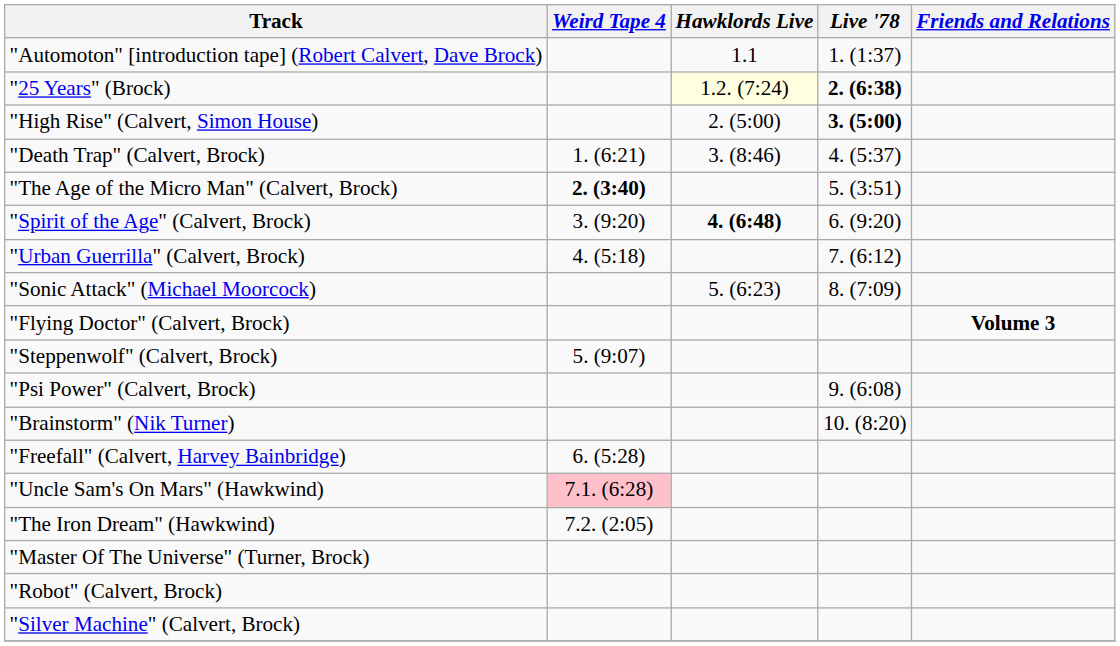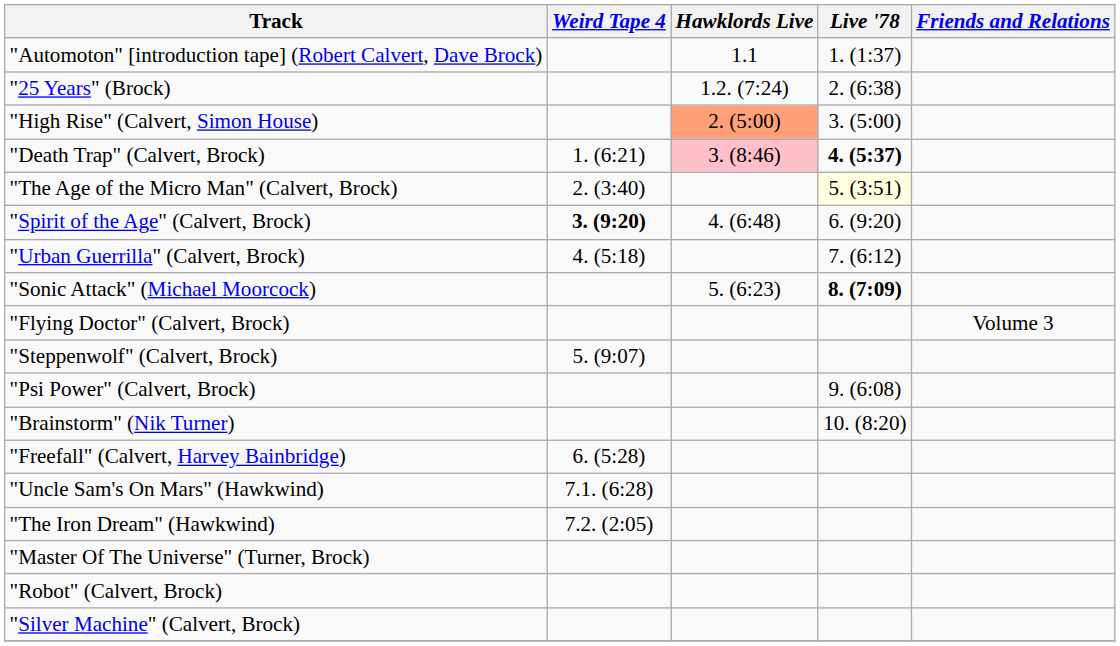 <table class="wikitable">
 <tr>
 <th align="center">Track</th>
 <th align="center"><em><a href='#'>Weird Tape 4</a></em></th>
 <th align="center"><em>Hawklords Live</em></th>
 <th align="center"><em>Live '78</em></th>
 <th align="center"><em><a href='#'>Friends and Relations</a></em></th>
 </tr>
 <tr>
 <td>"Automoton" [introduction tape] (<a href='#'>Robert Calvert</a>, <a href='#'>Dave Brock</a>)</td>
 <td></td>
 <td align="center">1.1</td>
 <td align="center">1. (1:37)</td>
 <td></td>
 </tr>
 <tr>
 <td>"<a href='#'>25 Years</a>" (Brock)</td>
 <td></td>
-<td align="center" style="background: lightyellow;">1.2. (7:24)</td>
-<td align="center"><strong>2. (6:38)</strong></td>
+<td align="center">1.2. (7:24)</td>
+<td align="center">2. (6:38)</td>
 <td></td>
 </tr>
 <tr>
 <td>"High Rise" (Calvert, <a href='#'>Simon House</a>)</td>
 <td></td>
-<td align="center">2. (5:00)</td>
-<td align="center"><strong>3. (5:00)</strong></td>
+<td align="center" style="background: lightsalmon;">2. (5:00)</td>
+<td align="center">3. (5:00)</td>
 <td></td>
 </tr>
 <tr>
 <td>"Death Trap" (Calvert, Brock)</td>
 <td align="center">1. (6:21)</td>
-<td align="center">3. (8:46)</td>
-<td align="center">4. (5:37)</td>
+<td align="center" style="background: pink;">3. (8:46)</td>
+<td align="center"><strong>4. (5:37)</strong></td>
 <td></td>
 </tr>
 <tr>
 <td>"The Age of the Micro Man" (Calvert, Brock)</td>
-<td align="center"><strong>2. (3:40)</strong></td>
+<td align="center">2. (3:40)</td>
 <td></td>
-<td align="center">5. (3:51)</td>
+<td align="center" style="background: lightyellow;">5. (3:51)</td>
 <td></td>
 </tr>
 <tr>
 <td>"<a href='#'>Spirit of the Age</a>" (Calvert, Brock)</td>
-<td align="center">3. (9:20)</td>
-<td align="center"><strong>4. (6:48)</strong></td>
+<td align="center"><strong>3. (9:20)</strong></td>
+<td align="center">4. (6:48)</td>
 <td align="center">6. (9:20)</td>
 <td></td>
 </tr>
 <tr>
 <td>"<a href='#'>Urban Guerrilla</a>" (Calvert, Brock)</td>
 <td align="center">4. (5:18)</td>
 <td></td>
 <td align="center">7. (6:12)</td>
 <td></td>
 </tr>
 <tr>
 <td>"Sonic Attack" (<a href='#'>Michael Moorcock</a>)</td>
 <td></td>
 <td align="center">5. (6:23)</td>
-<td align="center">8. (7:09)</td>
+<td align="center"><strong>8. (7:09)</strong></td>
 <td></td>
 </tr>
 <tr>
 <td>"Flying Doctor" (Calvert, Brock)</td>
 <td></td>
 <td></td>
 <td></td>
-<td align="center"><strong>Volume 3</strong></td>
+<td align="center">Volume 3</td>
 </tr>
 <tr>
 <td>"Steppenwolf" (Calvert, Brock)</td>
 <td align="center">5. (9:07)</td>
 <td></td>
 <td></td>
 <td></td>
 </tr>
 <tr>
 <td>"Psi Power" (Calvert, Brock)</td>
 <td></td>
 <td></td>
 <td align="center">9. (6:08)</td>
 <td></td>
 </tr>
 <tr>
 <td>"Brainstorm" (<a href='#'>Nik Turner</a>)</td>
 <td></td>
 <td></td>
 <td align="center">10. (8:20)</td>
 <td></td>
 </tr>
 <tr>
 <td>"Freefall"  (Calvert, <a href='#'>Harvey Bainbridge</a>)</td>
 <td align="center">6. (5:28)</td>
 <td></td>
 <td></td>
 <td></td>
 </tr>
 <tr>
 <td>"Uncle Sam's On Mars" (Hawkwind)</td>
-<td align="center" style="background: pink;">7.1. (6:28)</td>
+<td align="center">7.1. (6:28)</td>
 <td></td>
 <td></td>
 <td></td>
 </tr>
 <tr>
 <td>"The Iron Dream" (Hawkwind)</td>
 <td align="center">7.2. (2:05)</td>
 <td></td>
 <td></td>
 <td></td>
 </tr>
 <tr>
 <td>"Master Of The Universe" (Turner, Brock)</td>
 <td></td>
 <td></td>
 <td></td>
 <td></td>
 </tr>
 <tr>
 <td>"Robot" (Calvert, Brock)</td>
 <td></td>
 <td></td>
 <td></td>
 <td></td>
 </tr>
 <tr>
 <td>"<a href='#'>Silver Machine</a>" (Calvert, Brock)</td>
 <td></td>
 <td></td>
 <td></td>
 <td></td>
 </tr>
 <tr>
 </tr>
 </table>
